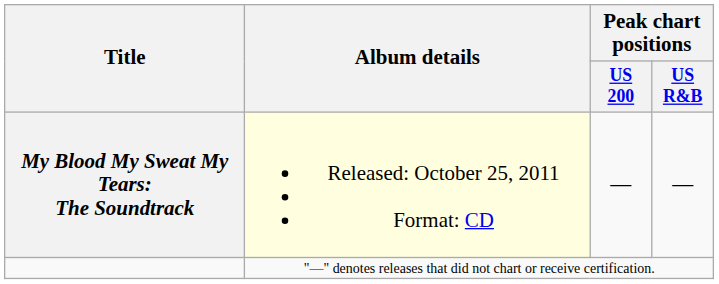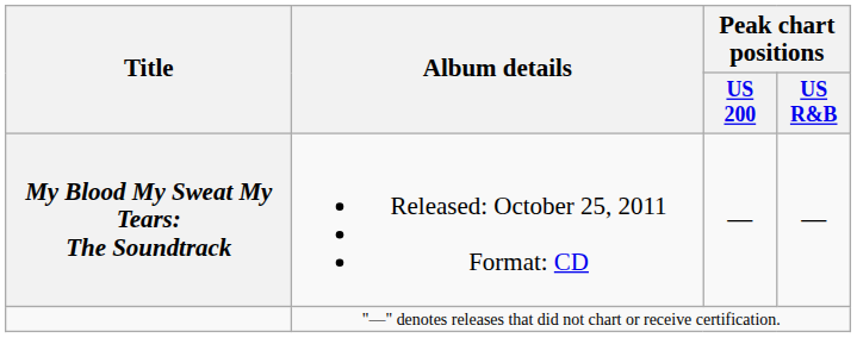 <table class="wikitable" style="text-align:center;">
 <tr>
 <th scope="col" rowspan="2" style="width:11em;">Title</th>
 <th scope="col" rowspan="2" style="width:16em;">Album details</th>
 <th scope="col" colspan="4">Peak chart positions</th>
 </tr>
 <tr>
 <th style="width:3em; font-size:85%"><a href='#'>US 200</a><br></th>
 <th style="width:3em; font-size:85%"><a href='#'>US R&B</a><br></th>
 </tr>
 <tr>
 <th scope="row"><em>My Blood My Sweat My Tears:<br>The Soundtrack</em></th>
-<td style="background: lightyellow;"><br><ul><li>Released: October 25, 2011</li><li></li><li>Format: <a href='#'>CD</a></li></ul></td>
+<td><br><ul><li>Released: October 25, 2011</li><li></li><li>Format: <a href='#'>CD</a></li></ul></td>
 <td style="text-align:center;">—</td>
 <td style="text-align:center;">—</td>
 </tr>
 <tr>
 <td></td>
 <td colspan="20" style="text-align:center; font-size:8pt;">"—" denotes releases that did not chart or receive certification.</td>
 </tr>
 </table>
